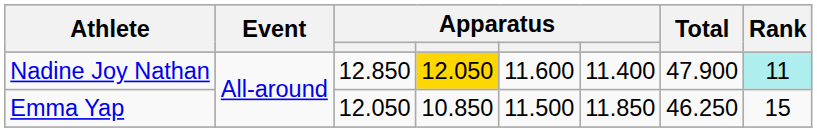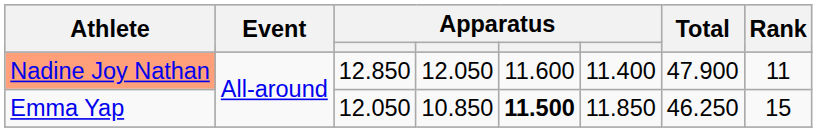 <table class="wikitable" style="font-size:90%">
 <tr>
 <th rowspan=2>Athlete</th>
 <th rowspan=2>Event</th>
 <th colspan=4>Apparatus</th>
 <th rowspan=2>Total</th>
 <th rowspan=2>Rank</th>
 </tr>
 <tr style="font-size:95%">
 <th></th>
 <th></th>
 <th></th>
 <th></th>
 </tr>
 <tr align=center>
-<td align=left><a href='#'>Nadine Joy Nathan</a></td>
+<td align=left style="background: lightsalmon;"><a href='#'>Nadine Joy Nathan</a></td>
 <td align=left rowspan=2><a href='#'>All-around</a></td>
 <td>12.850</td>
-<td style="background: gold;">12.050</td>
+<td>12.050</td>
 <td>11.600</td>
 <td>11.400</td>
 <td>47.900</td>
-<td style="background: paleturquoise;">11</td>
+<td>11</td>
 </tr>
 <tr align=center>
 <td align=left><a href='#'>Emma Yap</a></td>
 <td>12.050</td>
 <td>10.850</td>
-<td>11.500</td>
+<td><strong>11.500</strong></td>
 <td>11.850</td>
 <td>46.250</td>
 <td>15</td>
 </tr>
 </table>
